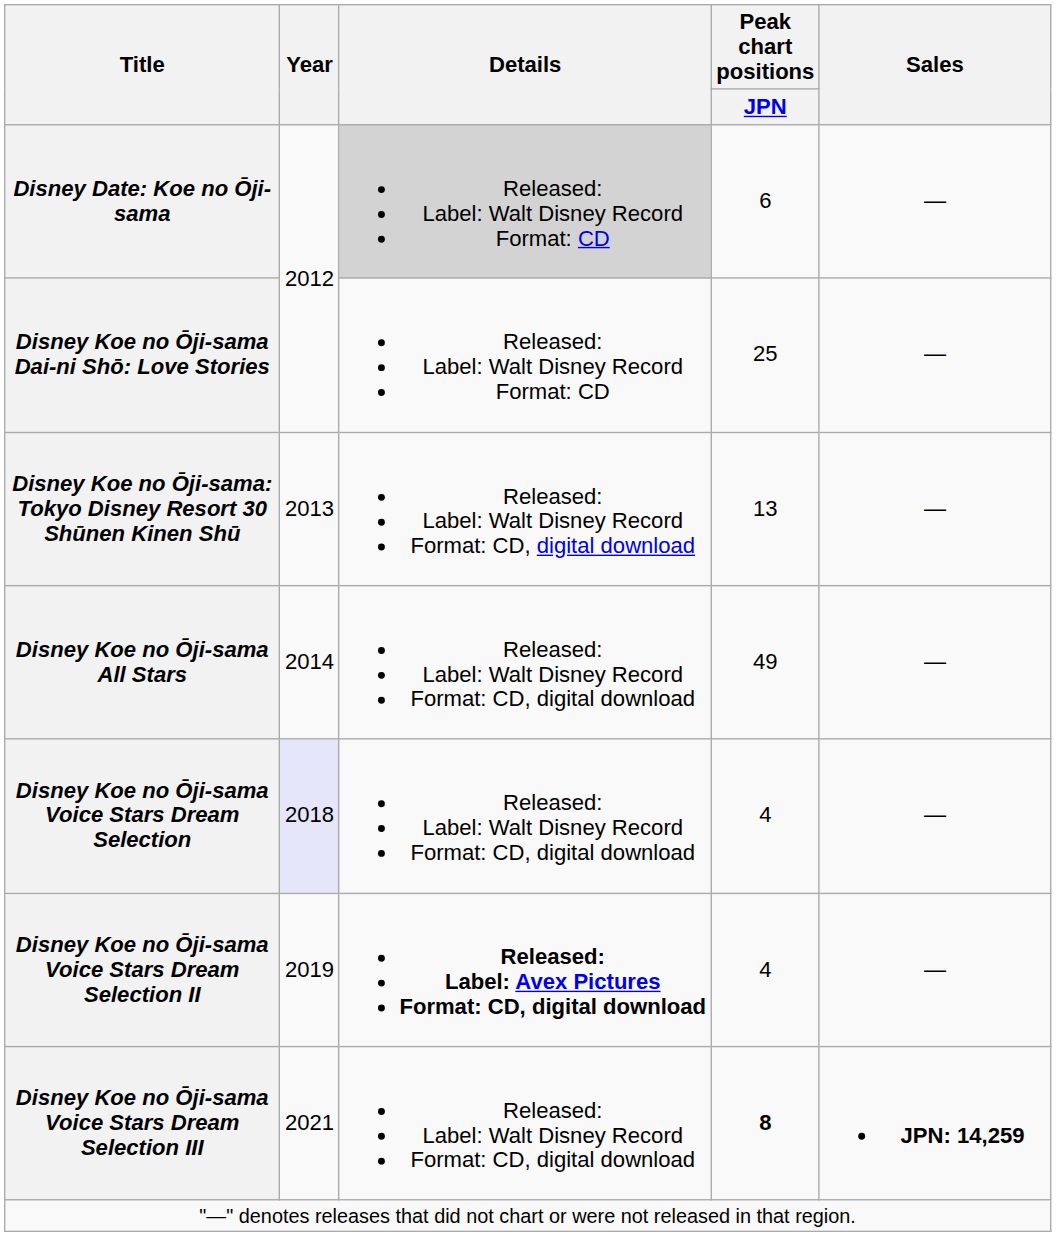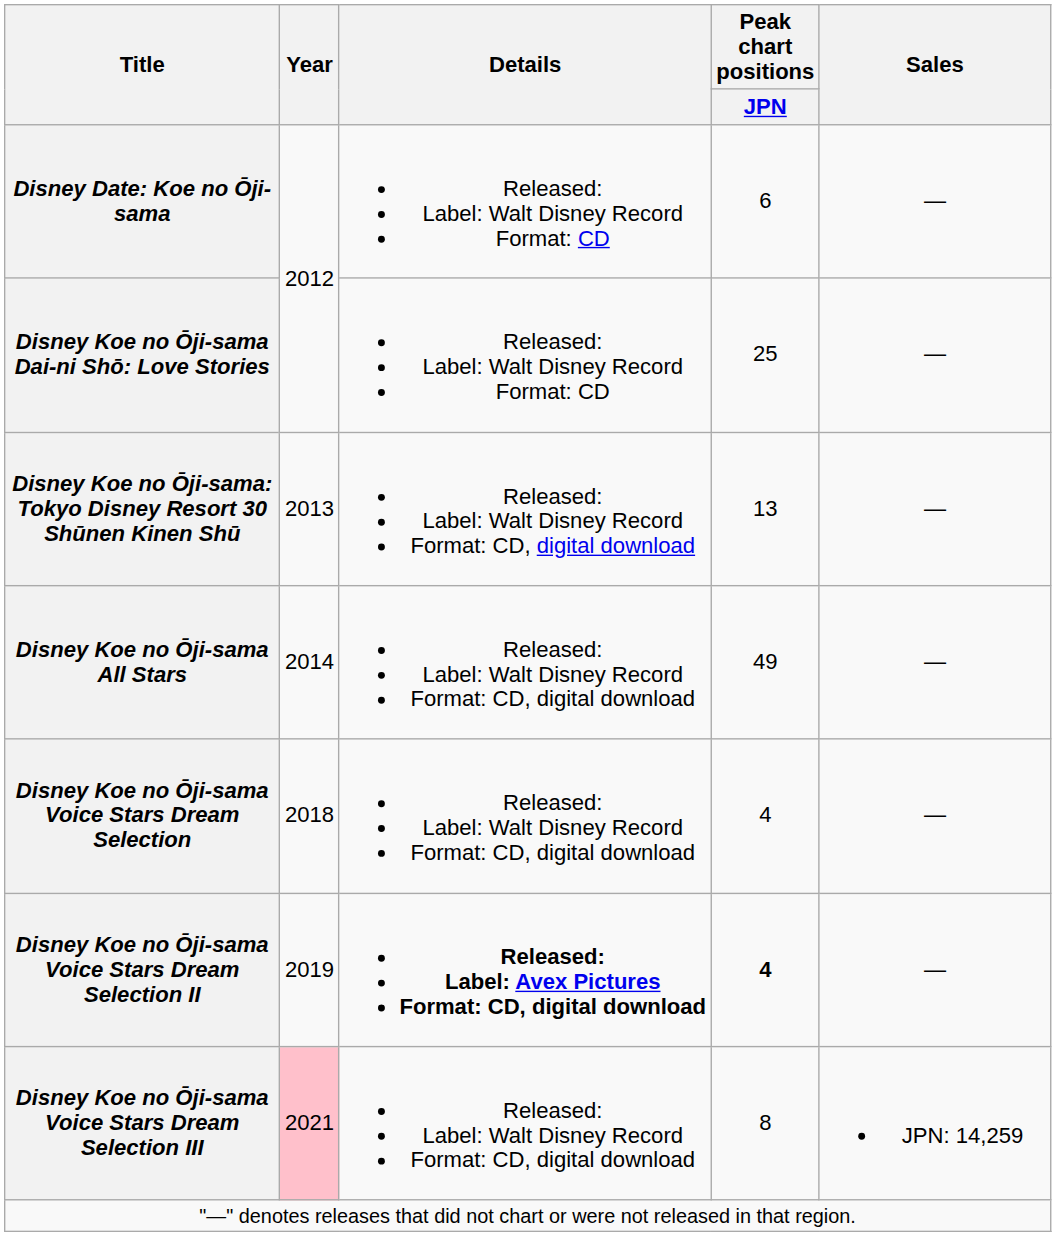 <table class="wikitable plainrowheaders" style="text-align:center;">
 <tr>
 <th rowspan="2" style="width:12em;">Title</th>
 <th rowspan="2">Year</th>
 <th rowspan="2">Details</th>
 <th colspan="1">Peak chart positions</th>
 <th rowspan="2" style="width:10em;">Sales<br></th>
 </tr>
 <tr>
 <th width="30"><a href='#'>JPN</a><br></th>
 </tr>
 <tr>
 <th scope="row"><em>Disney Date: Koe no Ōji-sama</em></th>
 <td rowspan="2">2012</td>
-<td style="background: lightgrey;"><br><ul><li>Released: </li><li>Label: Walt Disney Record</li><li>Format: <a href='#'>CD</a></li></ul></td>
+<td><br><ul><li>Released: </li><li>Label: Walt Disney Record</li><li>Format: <a href='#'>CD</a></li></ul></td>
 <td>6</td>
 <td>—</td>
 </tr>
 <tr>
 <th scope="row"><em>Disney Koe no Ōji-sama Dai-ni Shō: Love Stories</em></th>
 <td><br><ul><li>Released: </li><li>Label: Walt Disney Record</li><li>Format: CD</li></ul></td>
 <td>25</td>
 <td>—</td>
 </tr>
 <tr>
 <th scope="row"><em>Disney Koe no Ōji-sama: Tokyo Disney Resort 30 Shūnen Kinen Shū</em></th>
 <td>2013</td>
 <td><br><ul><li>Released: </li><li>Label: Walt Disney Record</li><li>Format: CD, <a href='#'>digital download</a></li></ul></td>
 <td>13</td>
 <td>—</td>
 </tr>
 <tr>
 <th scope="row"><em>Disney Koe no Ōji-sama All Stars</em></th>
 <td>2014</td>
 <td><br><ul><li>Released: </li><li>Label: Walt Disney Record</li><li>Format: CD, digital download</li></ul></td>
 <td>49</td>
 <td>—</td>
 </tr>
 <tr>
 <th scope="row"><em>Disney Koe no Ōji-sama Voice Stars Dream Selection</em></th>
-<td style="background: lavender;">2018</td>
+<td>2018</td>
 <td><br><ul><li>Released: </li><li>Label: Walt Disney Record</li><li>Format: CD, digital download</li></ul></td>
 <td>4</td>
 <td>—</td>
 </tr>
 <tr>
 <th scope="row"><em>Disney Koe no Ōji-sama Voice Stars Dream Selection II</em></th>
 <td>2019</td>
 <td><strong><br><ul><li>Released: </li><li>Label: <a href='#'>Avex Pictures</a></li><li>Format: CD, digital download</li></ul></strong></td>
-<td>4</td>
+<td><strong>4</strong></td>
 <td>—</td>
 </tr>
 <tr>
 <th scope="row"><em>Disney Koe no Ōji-sama Voice Stars Dream Selection III</em></th>
-<td>2021</td>
+<td style="background: pink;">2021</td>
 <td><br><ul><li>Released: </li><li>Label: Walt Disney Record</li><li>Format: CD, digital download</li></ul></td>
-<td><strong>8</strong></td>
-<td><strong><br><ul><li>JPN: 14,259</li></ul></strong></td>
+<td>8</td>
+<td><br><ul><li>JPN: 14,259</li></ul></td>
 </tr>
 <tr>
 <td colspan="5" style="font-size:90%;">"—" denotes releases that did not chart or were not released in that region.</td>
 </tr>
 <tr>
 </tr>
 </table>
